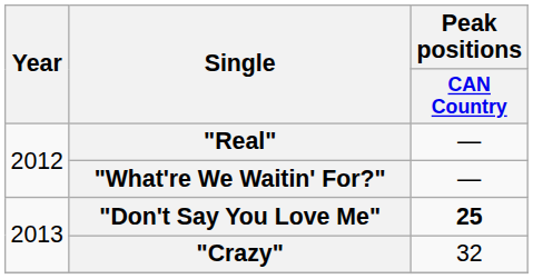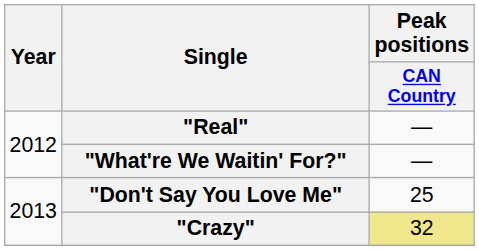 <table class="wikitable plainrowheaders" style="text-align:center;">
 <tr>
 <th rowspan="2" style="width:1em;">Year</th>
 <th rowspan="2" style="width:14em;">Single</th>
 <th>Peak positions</th>
 </tr>
 <tr style="font-size:smaller;">
 <th width="65"><a href='#'>CAN Country</a><br></th>
 </tr>
 <tr>
 <td rowspan="2">2012</td>
 <th scope="row">"Real"</th>
 <td>—</td>
 </tr>
 <tr>
 <th scope="row">"What're We Waitin' For?"</th>
 <td>—</td>
 </tr>
 <tr>
 <td rowspan="2">2013</td>
 <th scope="row">"Don't Say You Love Me"</th>
-<td><strong>25</strong></td>
+<td>25</td>
 </tr>
 <tr>
 <th scope="row">"Crazy"</th>
-<td>32</td>
+<td style="background: khaki;">32</td>
 </tr>
 <tr>
 </tr>
 </table>
